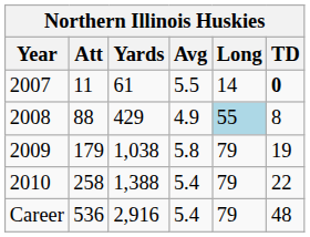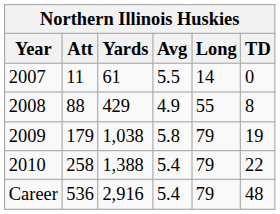 <table class="wikitable">
 <tr>
 <th colspan="15">Northern Illinois Huskies</th>
 </tr>
 <tr>
 <th>Year</th>
 <th>Att</th>
 <th>Yards</th>
 <th>Avg</th>
 <th>Long</th>
 <th>TD</th>
 </tr>
 <tr>
 <td>2007</td>
 <td>11</td>
 <td>61</td>
 <td>5.5</td>
 <td>14</td>
-<td><strong>0</strong></td>
+<td>0</td>
 </tr>
 <tr>
 <td>2008</td>
 <td>88</td>
 <td>429</td>
 <td>4.9</td>
-<td style="background: lightblue;">55</td>
+<td>55</td>
 <td>8</td>
 </tr>
 <tr>
 <td>2009</td>
 <td>179</td>
 <td>1,038</td>
 <td>5.8</td>
 <td>79</td>
 <td>19</td>
 </tr>
 <tr>
 <td>2010</td>
 <td>258</td>
 <td>1,388</td>
 <td>5.4</td>
 <td>79</td>
 <td>22</td>
 </tr>
 <tr>
 <td>Career</td>
 <td>536</td>
 <td>2,916</td>
 <td>5.4</td>
 <td>79</td>
 <td>48</td>
 </tr>
 </table>
